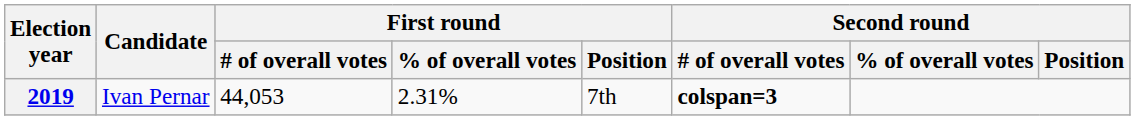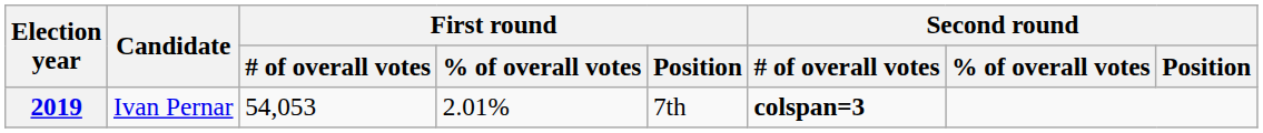 <table class=wikitable>
 <tr>
 <th rowspan=2>Election<br>year</th>
 <th rowspan=2>Candidate</th>
 <th colspan=3>First round</th>
 <th colspan=3>Second round</th>
 </tr>
 <tr>
 <th># of overall votes</th>
 <th>% of overall votes</th>
 <th>Position</th>
 <th># of overall votes</th>
 <th>% of overall votes</th>
 <th>Position</th>
 </tr>
 <tr>
 <th><a href='#'>2019</a></th>
 <td><a href='#'>Ivan Pernar</a></td>
-<td>44,053</td>
-<td>2.31%</td>
+<td>54,053</td>
+<td>2.01%</td>
 <td>7th</td>
 <td><strong>colspan=3 </strong></td>
 </tr>
 </table>
